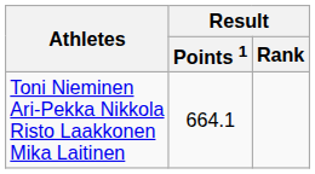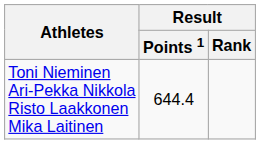 <table class="wikitable" border="1" style="font-size:90%">
 <tr>
 <th rowspan=2>Athletes</th>
 <th colspan=2>Result</th>
 </tr>
 <tr>
 <th>Points <sup>1</sup></th>
 <th>Rank</th>
 </tr>
 <tr>
 <td><a href='#'>Toni Nieminen</a><br><a href='#'>Ari-Pekka Nikkola</a><br><a href='#'>Risto Laakkonen</a><br><a href='#'>Mika Laitinen</a></td>
-<td align=center>664.1</td>
+<td align=center>644.4</td>
 <td align=center></td>
 </tr>
 </table>
